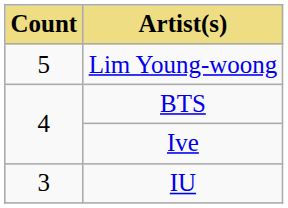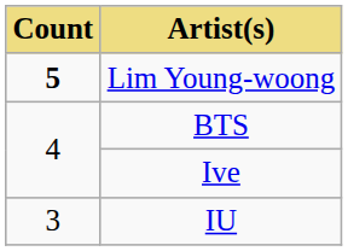 <table class="wikitable" style="text-align:center">
 <tr>
 <th scope="col" style="background-color:#EEDD82">Count</th>
 <th scope="col" style="background-color:#EEDD82">Artist(s)</th>
 </tr>
 <tr>
-<td>5</td>
+<td><strong>5</strong></td>
 <td><a href='#'>Lim Young-woong</a></td>
 </tr>
 <tr>
 <td rowspan="2">4</td>
 <td><a href='#'>BTS</a></td>
 </tr>
 <tr>
 <td><a href='#'>Ive</a></td>
 </tr>
 <tr>
 <td>3</td>
 <td><a href='#'>IU</a></td>
 </tr>
 </table>
